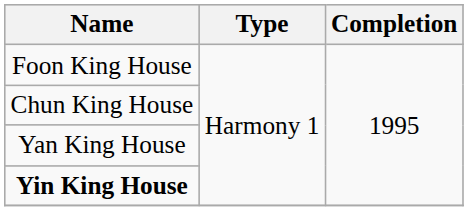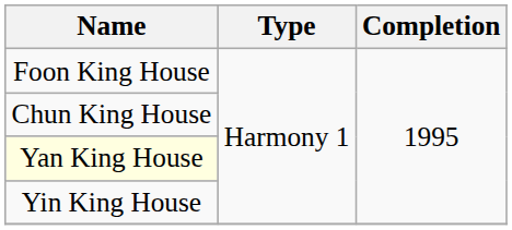 <table class="wikitable" style="text-align: center">
 <tr>
 <th>Name</th>
 <th>Type</th>
 <th>Completion</th>
 </tr>
 <tr>
 <td>Foon King House</td>
 <td rowspan="4">Harmony 1</td>
 <td rowspan="4">1995</td>
 </tr>
 <tr>
 <td>Chun King House</td>
 </tr>
 <tr>
-<td>Yan King House</td>
+<td style="background: lightyellow;">Yan King House</td>
 </tr>
 <tr>
-<td><strong>Yin King House</strong></td>
+<td>Yin King House</td>
 </tr>
 <tr>
 </tr>
 </table>
